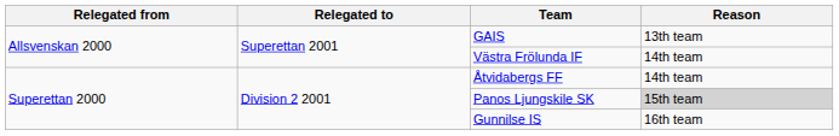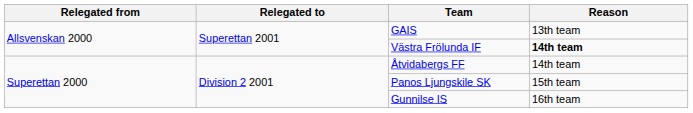 <table class="wikitable" style="text-align: left;">
 <tr>
 <th style="width: 275px;">Relegated from</th>
 <th style="width: 275px;">Relegated to</th>
 <th style="width: 200px;">Team</th>
 <th style="width: 225px;">Reason</th>
 </tr>
 <tr>
 <td rowspan=2><a href='#'>Allsvenskan</a> 2000</td>
 <td rowspan=2><a href='#'>Superettan</a> 2001</td>
 <td><a href='#'>GAIS</a></td>
 <td>13th team</td>
 </tr>
 <tr>
 <td><a href='#'>Västra Frölunda IF</a></td>
-<td>14th team</td>
+<td><strong>14th team</strong></td>
 </tr>
 <tr>
 <td rowspan=3><a href='#'>Superettan</a> 2000</td>
 <td rowspan=3><a href='#'>Division 2</a> 2001</td>
 <td><a href='#'>Åtvidabergs FF</a></td>
 <td>14th team</td>
 </tr>
 <tr>
 <td><a href='#'>Panos Ljungskile SK</a></td>
-<td style="background: lightgrey;">15th team</td>
+<td>15th team</td>
 </tr>
 <tr>
 <td><a href='#'>Gunnilse IS</a></td>
 <td>16th team</td>
 </tr>
 </table>
